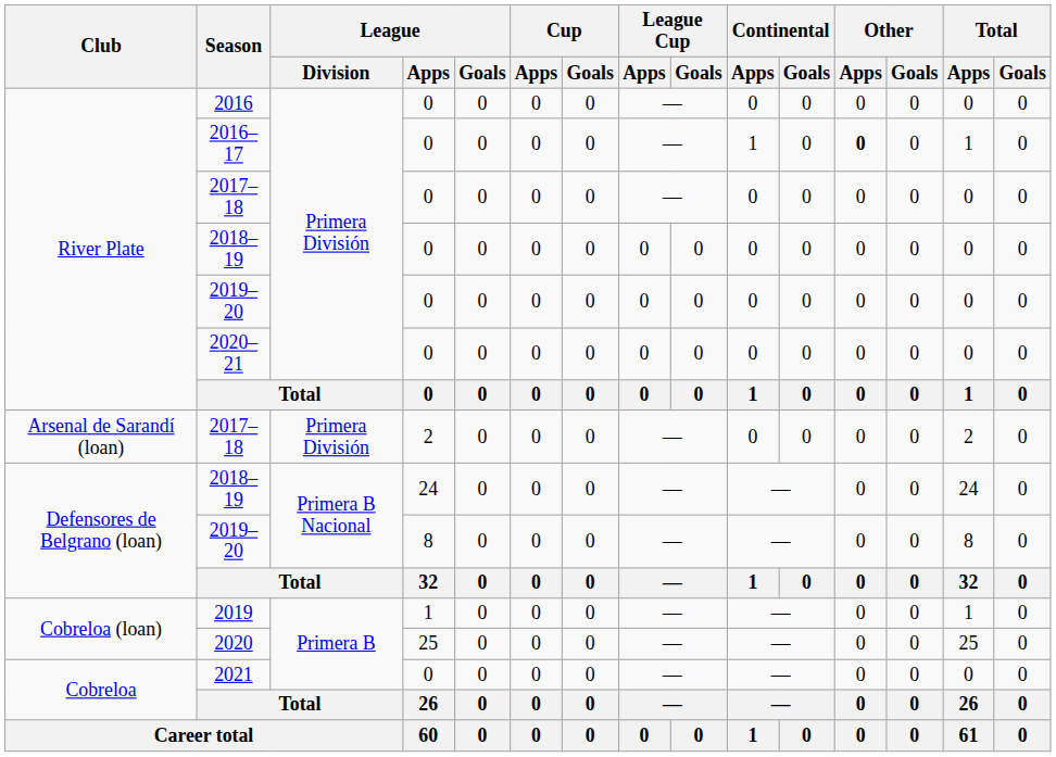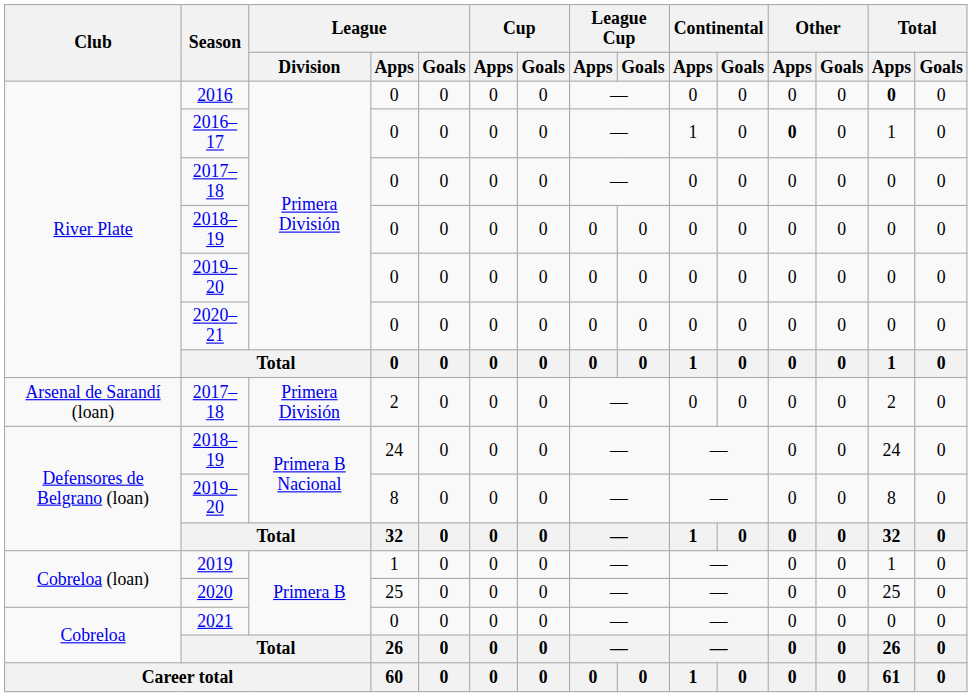 <table class="wikitable" style="text-align:center">
 <tr>
 <th rowspan="2">Club</th>
 <th rowspan="2">Season</th>
 <th colspan="3">League</th>
 <th colspan="2">Cup</th>
 <th colspan="2">League Cup</th>
 <th colspan="2">Continental</th>
 <th colspan="2">Other</th>
 <th colspan="2">Total</th>
 </tr>
 <tr>
 <th>Division</th>
 <th>Apps</th>
 <th>Goals</th>
 <th>Apps</th>
 <th>Goals</th>
 <th>Apps</th>
 <th>Goals</th>
 <th>Apps</th>
 <th>Goals</th>
 <th>Apps</th>
 <th>Goals</th>
 <th>Apps</th>
 <th>Goals</th>
 </tr>
 <tr>
 <td rowspan="7"><a href='#'>River Plate</a></td>
 <td><a href='#'>2016</a></td>
 <td rowspan="6"><a href='#'>Primera División</a></td>
 <td>0</td>
 <td>0</td>
 <td>0</td>
 <td>0</td>
 <td colspan="2">—</td>
 <td>0</td>
 <td>0</td>
 <td>0</td>
 <td>0</td>
-<td>0</td>
+<td><strong>0</strong></td>
 <td>0</td>
 </tr>
 <tr>
 <td><a href='#'>2016–17</a></td>
 <td>0</td>
 <td>0</td>
 <td>0</td>
 <td>0</td>
 <td colspan="2">—</td>
 <td>1</td>
 <td>0</td>
 <td><strong>0</strong></td>
 <td>0</td>
 <td>1</td>
 <td>0</td>
 </tr>
 <tr>
 <td><a href='#'>2017–18</a></td>
 <td>0</td>
 <td>0</td>
 <td>0</td>
 <td>0</td>
 <td colspan="2">—</td>
 <td>0</td>
 <td>0</td>
 <td>0</td>
 <td>0</td>
 <td>0</td>
 <td>0</td>
 </tr>
 <tr>
 <td><a href='#'>2018–19</a></td>
 <td>0</td>
 <td>0</td>
 <td>0</td>
 <td>0</td>
 <td>0</td>
 <td>0</td>
 <td>0</td>
 <td>0</td>
 <td>0</td>
 <td>0</td>
 <td>0</td>
 <td>0</td>
 </tr>
 <tr>
 <td><a href='#'>2019–20</a></td>
 <td>0</td>
 <td>0</td>
 <td>0</td>
 <td>0</td>
 <td>0</td>
 <td>0</td>
 <td>0</td>
 <td>0</td>
 <td>0</td>
 <td>0</td>
 <td>0</td>
 <td>0</td>
 </tr>
 <tr>
 <td><a href='#'>2020–21</a></td>
 <td>0</td>
 <td>0</td>
 <td>0</td>
 <td>0</td>
 <td>0</td>
 <td>0</td>
 <td>0</td>
 <td>0</td>
 <td>0</td>
 <td>0</td>
 <td>0</td>
 <td>0</td>
 </tr>
 <tr>
 <th colspan="2">Total</th>
 <th>0</th>
 <th>0</th>
 <th>0</th>
 <th>0</th>
 <th>0</th>
 <th>0</th>
 <th>1</th>
 <th>0</th>
 <th>0</th>
 <th>0</th>
 <th>1</th>
 <th>0</th>
 </tr>
 <tr>
 <td rowspan="1"><a href='#'>Arsenal de Sarandí</a> (loan)</td>
 <td><a href='#'>2017–18</a></td>
 <td rowspan="1"><a href='#'>Primera División</a></td>
 <td>2</td>
 <td>0</td>
 <td>0</td>
 <td>0</td>
 <td colspan="2">—</td>
 <td>0</td>
 <td>0</td>
 <td>0</td>
 <td>0</td>
 <td>2</td>
 <td>0</td>
 </tr>
 <tr>
 <td rowspan="3"><a href='#'>Defensores de Belgrano</a> (loan)</td>
 <td><a href='#'>2018–19</a></td>
 <td rowspan="2"><a href='#'>Primera B Nacional</a></td>
 <td>24</td>
 <td>0</td>
 <td>0</td>
 <td>0</td>
 <td colspan="2">—</td>
 <td colspan="2">—</td>
 <td>0</td>
 <td>0</td>
 <td>24</td>
 <td>0</td>
 </tr>
 <tr>
 <td><a href='#'>2019–20</a></td>
 <td>8</td>
 <td>0</td>
 <td>0</td>
 <td>0</td>
 <td colspan="2">—</td>
 <td colspan="2">—</td>
 <td>0</td>
 <td>0</td>
 <td>8</td>
 <td>0</td>
 </tr>
 <tr>
 <th colspan="2">Total</th>
 <th>32</th>
 <th>0</th>
 <th>0</th>
 <th>0</th>
 <th colspan="2">—</th>
 <th>1</th>
 <th>0</th>
 <th>0</th>
 <th>0</th>
 <th>32</th>
 <th>0</th>
 </tr>
 <tr>
 <td rowspan="2"><a href='#'>Cobreloa</a> (loan)</td>
 <td><a href='#'>2019</a></td>
 <td rowspan="3"><a href='#'>Primera B</a></td>
 <td>1</td>
 <td>0</td>
 <td>0</td>
 <td>0</td>
 <td colspan="2">—</td>
 <td colspan="2">—</td>
 <td>0</td>
 <td>0</td>
 <td>1</td>
 <td>0</td>
 </tr>
 <tr>
 <td><a href='#'>2020</a></td>
 <td>25</td>
 <td>0</td>
 <td>0</td>
 <td>0</td>
 <td colspan="2">—</td>
 <td colspan="2">—</td>
 <td>0</td>
 <td>0</td>
 <td>25</td>
 <td>0</td>
 </tr>
 <tr>
 <td rowspan="2"><a href='#'>Cobreloa</a></td>
 <td><a href='#'>2021</a></td>
 <td>0</td>
 <td>0</td>
 <td>0</td>
 <td>0</td>
 <td colspan="2">—</td>
 <td colspan="2">—</td>
 <td>0</td>
 <td>0</td>
 <td>0</td>
 <td>0</td>
 </tr>
 <tr>
 <th colspan="2">Total</th>
 <th>26</th>
 <th>0</th>
 <th>0</th>
 <th>0</th>
 <th colspan="2">—</th>
 <th colspan="2">—</th>
 <th>0</th>
 <th>0</th>
 <th>26</th>
 <th>0</th>
 </tr>
 <tr>
 <th colspan="3">Career total</th>
 <th>60</th>
 <th>0</th>
 <th>0</th>
 <th>0</th>
 <th>0</th>
 <th>0</th>
 <th>1</th>
 <th>0</th>
 <th>0</th>
 <th>0</th>
 <th>61</th>
 <th>0</th>
 </tr>
 </table>
